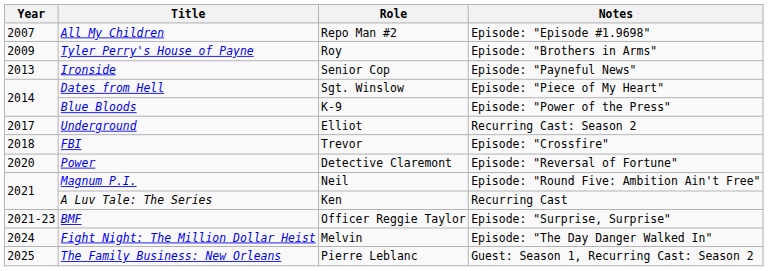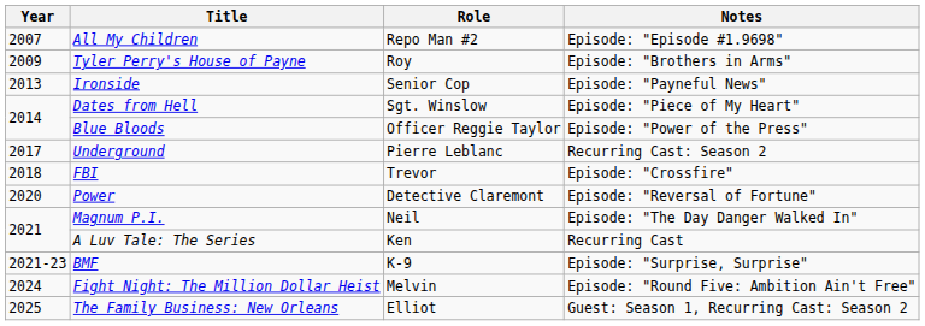 <table class="wikitable plainrowheaders sortable" style="margin-right: 0;">
 <tr>
 <th>Year</th>
 <th>Title</th>
 <th>Role</th>
 <th>Notes</th>
 </tr>
 <tr>
 <td>2007</td>
 <td><em><a href='#'>All My Children</a></em></td>
 <td>Repo Man #2</td>
 <td>Episode: "Episode #1.9698"</td>
 </tr>
 <tr>
 <td>2009</td>
 <td><em><a href='#'>Tyler Perry's House of Payne</a></em></td>
 <td>Roy</td>
 <td>Episode: "Brothers in Arms"</td>
 </tr>
 <tr>
 <td>2013</td>
 <td><em><a href='#'>Ironside</a></em></td>
 <td>Senior Cop</td>
 <td>Episode: "Payneful News"</td>
 </tr>
 <tr>
 <td rowspan="2">2014</td>
 <td><em><a href='#'>Dates from Hell</a></em></td>
 <td>Sgt. Winslow</td>
 <td>Episode: "Piece of My Heart"</td>
 </tr>
 <tr>
 <td><em><a href='#'>Blue Bloods</a></em></td>
-<td>K-9</td>
+<td>Officer Reggie Taylor</td>
 <td>Episode: "Power of the Press"</td>
 </tr>
 <tr>
 <td>2017</td>
 <td><em><a href='#'>Underground</a></em></td>
-<td>Elliot</td>
+<td>Pierre Leblanc</td>
 <td>Recurring Cast: Season 2</td>
 </tr>
 <tr>
 <td>2018</td>
 <td><em><a href='#'>FBI</a></em></td>
 <td>Trevor</td>
 <td>Episode: "Crossfire"</td>
 </tr>
 <tr>
 <td>2020</td>
 <td><em><a href='#'>Power</a></em></td>
 <td>Detective Claremont</td>
 <td>Episode: "Reversal of Fortune"</td>
 </tr>
 <tr>
 <td rowspan="2">2021</td>
 <td><em><a href='#'>Magnum P.I.</a></em></td>
 <td>Neil</td>
-<td>Episode: "Round Five: Ambition Ain't Free"</td>
+<td>Episode: "The Day Danger Walked In"</td>
 </tr>
 <tr>
 <td><em>A Luv Tale: The Series</em></td>
 <td>Ken</td>
 <td>Recurring Cast</td>
 </tr>
 <tr>
 <td>2021-23</td>
 <td><em><a href='#'>BMF</a></em></td>
-<td>Officer Reggie Taylor</td>
+<td>K-9</td>
 <td>Episode: "Surprise, Surprise"</td>
 </tr>
 <tr>
 <td>2024</td>
 <td><em><a href='#'>Fight Night: The Million Dollar Heist</a></em></td>
 <td>Melvin</td>
-<td>Episode: "The Day Danger Walked In"</td>
+<td>Episode: "Round Five: Ambition Ain't Free"</td>
 </tr>
 <tr>
 <td>2025</td>
 <td><em><a href='#'>The Family Business: New Orleans</a></em></td>
-<td>Pierre Leblanc</td>
+<td>Elliot</td>
 <td>Guest: Season 1, Recurring Cast: Season 2</td>
 </tr>
 </table>
